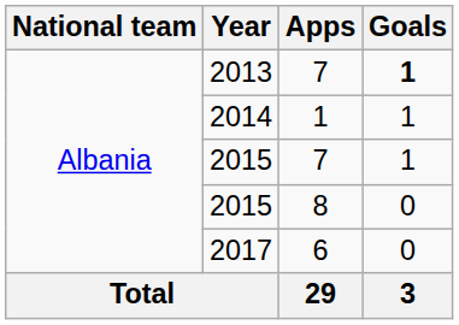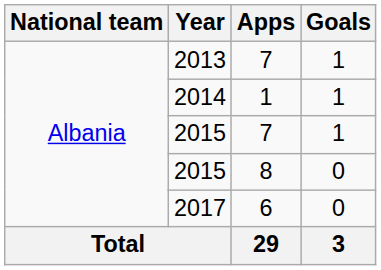 <table class="wikitable" style="text-align:center">
 <tr>
 <th>National team</th>
 <th>Year</th>
 <th>Apps</th>
 <th>Goals</th>
 </tr>
 <tr>
 <td rowspan="5"><a href='#'>Albania</a></td>
 <td>2013</td>
 <td>7</td>
-<td><strong>1</strong></td>
+<td>1</td>
 </tr>
 <tr>
 <td>2014</td>
 <td>1</td>
 <td>1</td>
 </tr>
 <tr>
 <td>2015</td>
 <td>7</td>
 <td>1</td>
 </tr>
 <tr>
 <td>2015</td>
 <td>8</td>
 <td>0</td>
 </tr>
 <tr>
 <td>2017</td>
 <td>6</td>
 <td>0</td>
 </tr>
 <tr>
 <th colspan="2">Total</th>
 <th>29</th>
 <th>3</th>
 </tr>
 </table>
